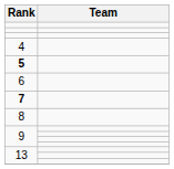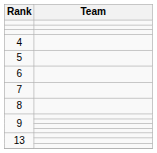 <table class="wikitable" style="text-align: center;">
 <tr>
 <th width=40>Rank</th>
 <th width=180>Team</th>
 </tr>
 <tr align=center>
 <td></td>
 <td style="text-align:left;"></td>
 </tr>
 <tr align=center>
 <td></td>
 <td style="text-align:left;"></td>
 </tr>
 <tr align=center>
 <td></td>
 <td style="text-align:left;"></td>
 </tr>
 <tr align=center>
 <td>4</td>
 <td style="text-align:left;"></td>
 </tr>
 <tr align=center>
-<td><strong>5</strong></td>
+<td>5</td>
 <td style="text-align:left;"></td>
 </tr>
 <tr align=center>
 <td>6</td>
 <td style="text-align:left;"></td>
 </tr>
 <tr align=center>
-<td><strong>7</strong></td>
+<td>7</td>
 <td style="text-align:left;"></td>
 </tr>
 <tr align=center>
 <td>8</td>
 <td style="text-align:left;"></td>
 </tr>
 <tr align=center>
 <td rowspan=4>9</td>
 <td style="text-align:left;"></td>
 </tr>
 <tr align=center>
 <td style="text-align:left;"></td>
 </tr>
 <tr align=center>
 <td style="text-align:left;"></td>
 </tr>
 <tr align=center>
 <td style="text-align:left;"></td>
 </tr>
 <tr align=center>
 <td rowspan=3>13</td>
 <td style="text-align:left;"></td>
 </tr>
 <tr align=center>
 <td style="text-align:left;"></td>
 </tr>
 <tr align=center>
 <td style="text-align:left;"></td>
 </tr>
 <tr>
 </tr>
 </table>
